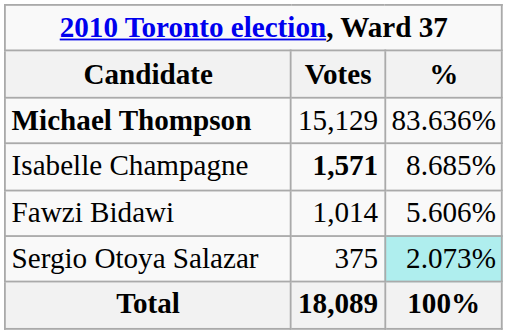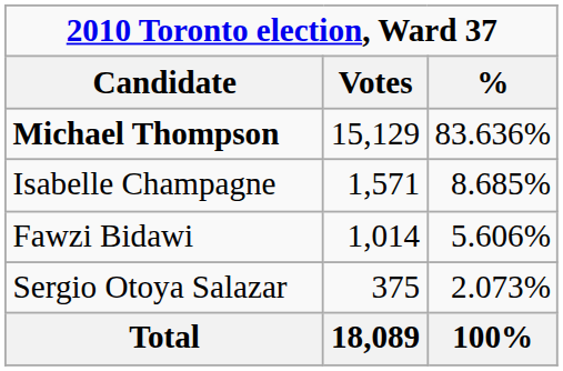 <table class="wikitable" style="margin-bottom:0;">
 <tr>
 <td Colspan="3" align="center"><strong><a href='#'>2010 Toronto election</a>, Ward 37</strong></td>
 </tr>
 <tr>
 <th bgcolor="#DDDDFF" width="150px">Candidate</th>
 <th bgcolor="#DDDDFF">Votes</th>
 <th bgcolor="#DDDDFF">%</th>
 </tr>
 <tr>
 <td><strong>Michael Thompson</strong></td>
 <td align=right>15,129</td>
 <td align=right>83.636%</td>
 </tr>
 <tr>
 <td>Isabelle Champagne</td>
-<td align=right><strong>1,571</strong></td>
+<td align=right>1,571</td>
 <td align=right>8.685%</td>
 </tr>
 <tr>
 <td>Fawzi Bidawi</td>
 <td align=right>1,014</td>
 <td align=right>5.606%</td>
 </tr>
 <tr>
 <td>Sergio Otoya Salazar</td>
 <td align=right>375</td>
-<td align=right style="background: paleturquoise;">2.073%</td>
+<td align=right>2.073%</td>
 </tr>
 <tr>
 <th>Total</th>
 <th align=right>18,089</th>
 <th align=right>100%</th>
 </tr>
 </table>
